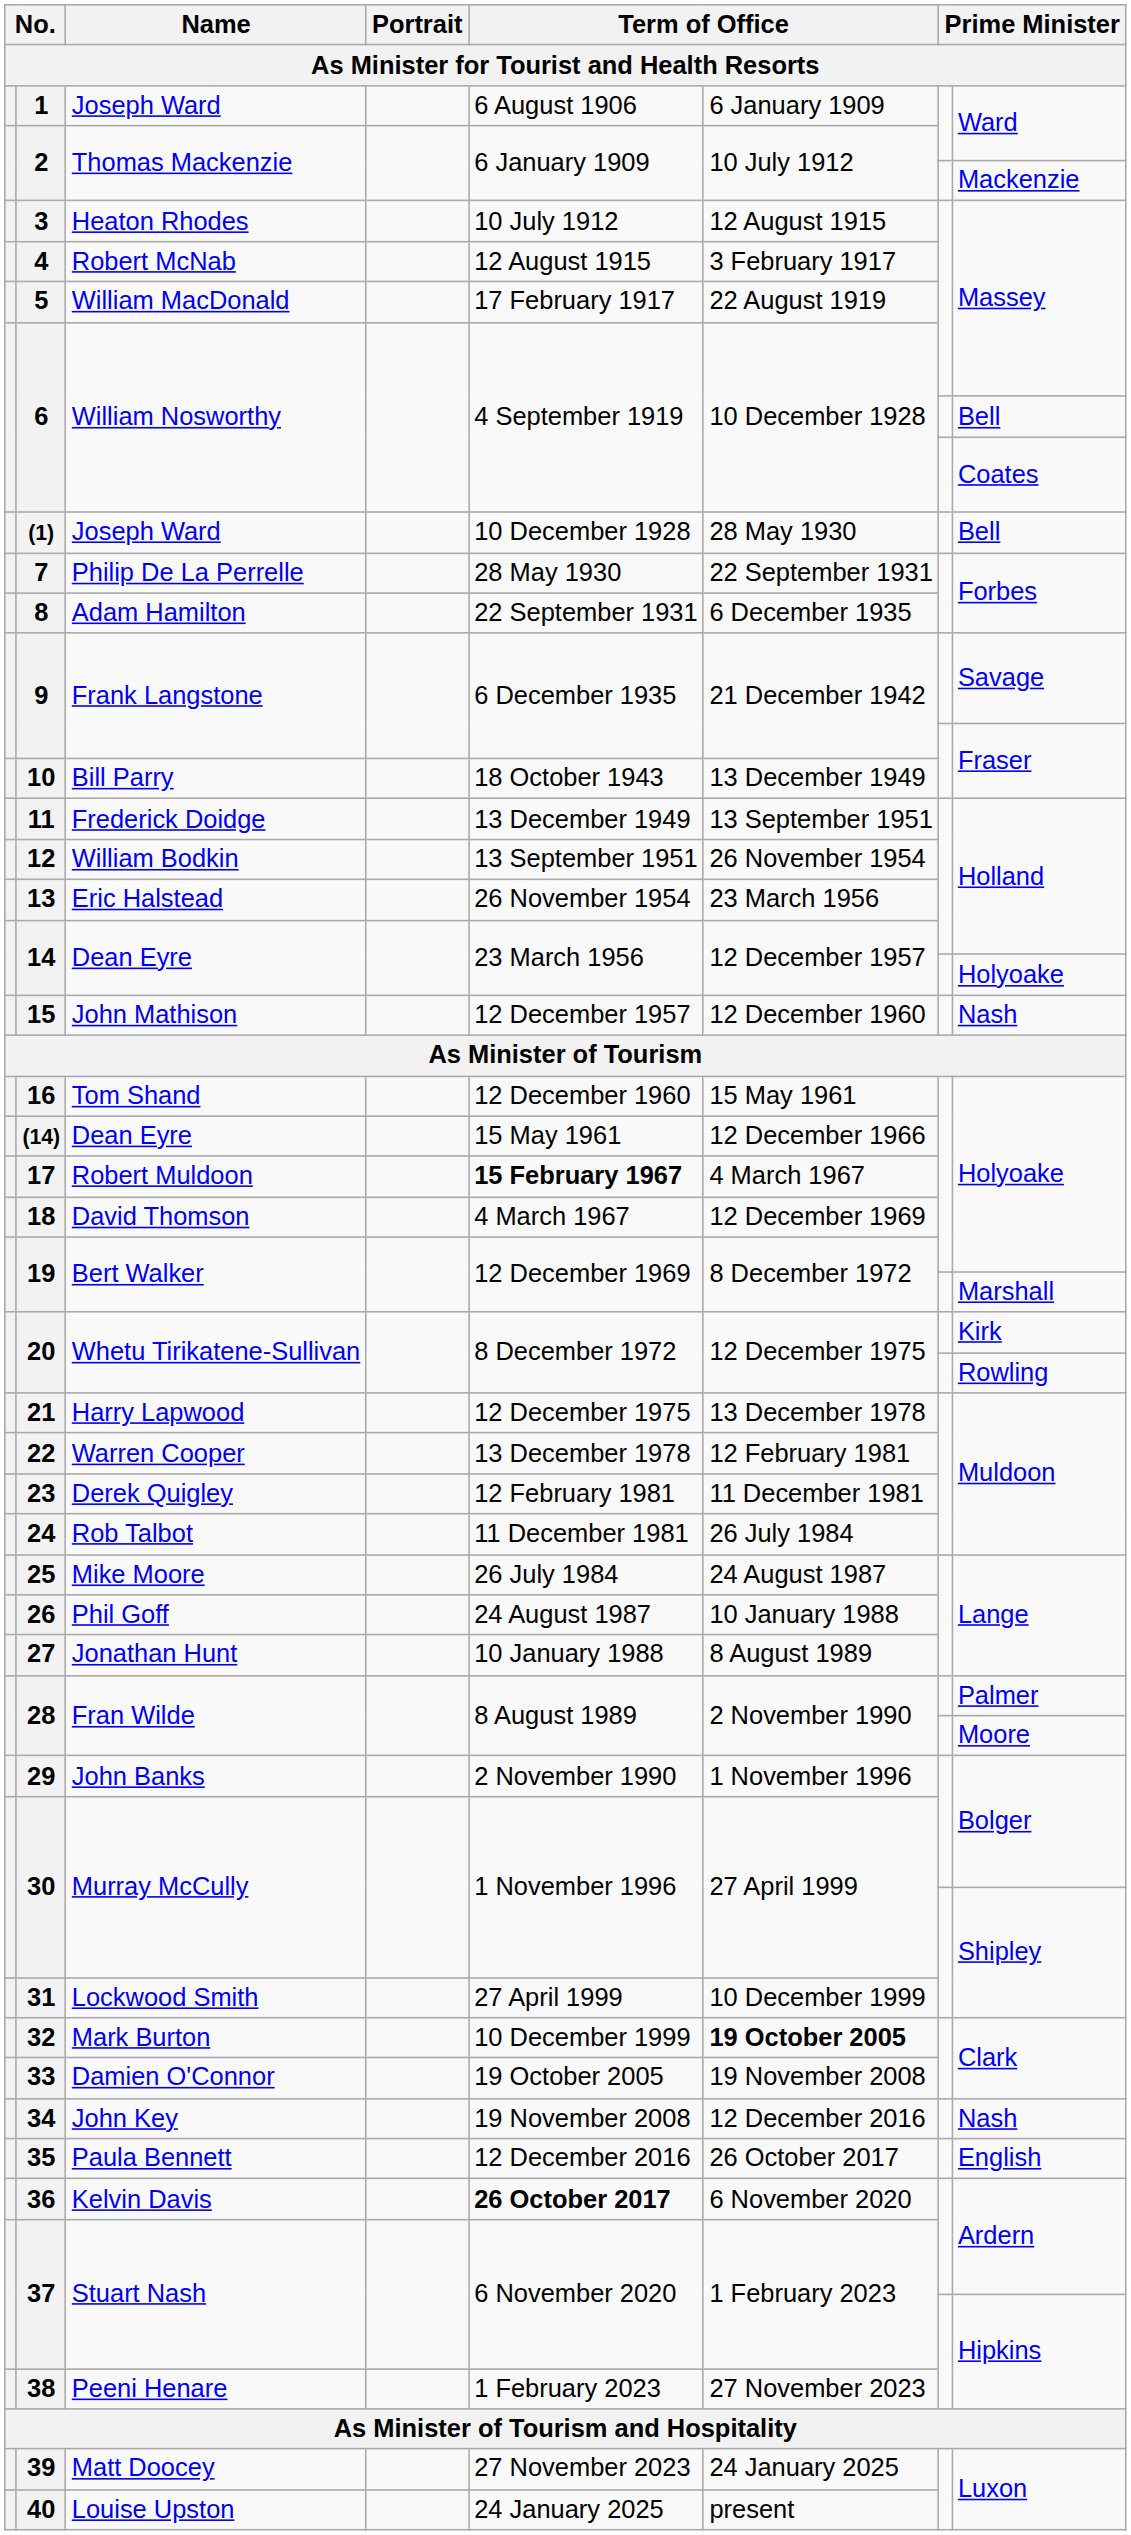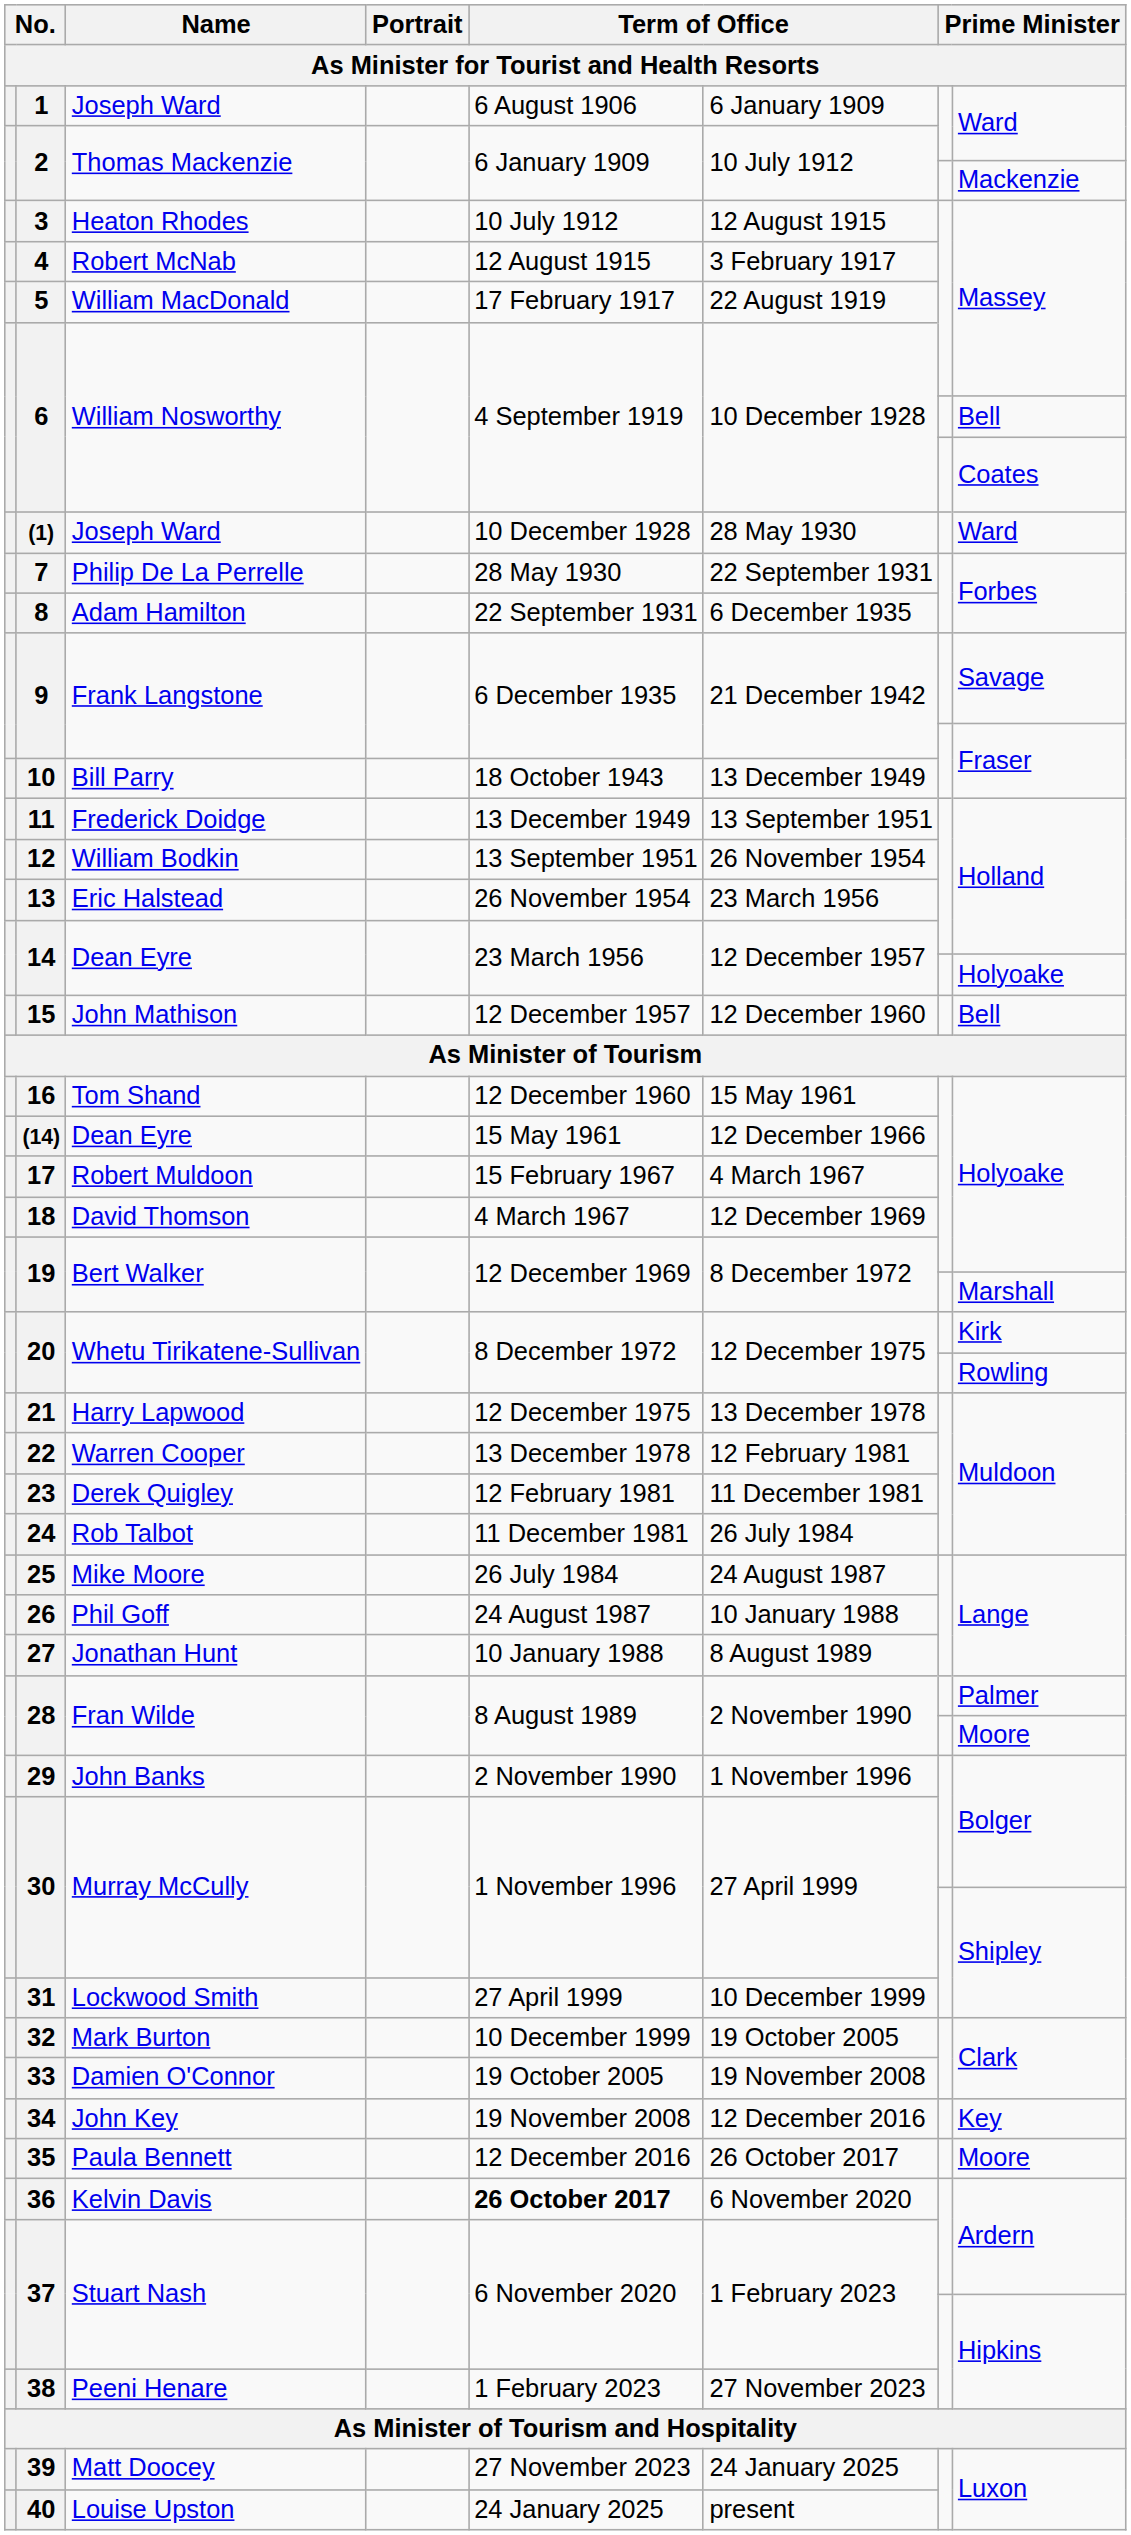 <table class="wikitable">
 <tr>
 <th colspan=2>No.</th>
 <th>Name</th>
 <th>Portrait</th>
 <th colspan=2>Term of Office</th>
 <th colspan=2>Prime Minister</th>
 </tr>
 <tr>
 <th colspan=8>As Minister for Tourist and Health Resorts</th>
 </tr>
 <tr>
 <th style="color:inherit;background:"></th>
 <th>1</th>
 <td><a href='#'>Joseph Ward</a></td>
 <td></td>
 <td>6 August 1906</td>
 <td>6 January 1909</td>
 <td height=15 style="border-bottom:solid 0 grey; background:"></td>
 <td rowspan=2><a href='#'>Ward</a></td>
 </tr>
 <tr>
 <th rowspan=2 style="color:inherit;background:"></th>
 <th rowspan="2">2</th>
 <td rowspan="2"><a href='#'>Thomas Mackenzie</a></td>
 <td rowspan="2"></td>
 <td rowspan="2">6 January 1909</td>
 <td rowspan="2">10 July 1912</td>
 <td height=15 style="border-top:solid 0 grey; background:"></td>
 </tr>
 <tr>
 <td height=15 style="color:inherit;background:"></td>
 <td><a href='#'>Mackenzie</a></td>
 </tr>
 <tr>
 <th style="color:inherit;background:"></th>
 <th>3</th>
 <td><a href='#'>Heaton Rhodes</a></td>
 <td></td>
 <td>10 July 1912</td>
 <td>12 August 1915</td>
 <td rowspan=3 style="border-bottom:solid 0 grey; background:"></td>
 <td rowspan=4><a href='#'>Massey</a></td>
 </tr>
 <tr>
 <th style="color:inherit;background:"></th>
 <th>4</th>
 <td><a href='#'>Robert McNab</a></td>
 <td></td>
 <td>12 August 1915</td>
 <td>3 February 1917</td>
 </tr>
 <tr>
 <th style="color:inherit;background:"></th>
 <th>5</th>
 <td><a href='#'>William MacDonald</a></td>
 <td></td>
 <td>17 February 1917</td>
 <td>22 August 1919</td>
 </tr>
 <tr>
 <th rowspan=3 style="color:inherit;background:"></th>
 <th rowspan=3>6</th>
 <td rowspan=3><a href='#'>William Nosworthy</a></td>
 <td rowspan=3></td>
 <td rowspan=3>4 September 1919</td>
 <td rowspan=3>10 December 1928</td>
 <td height=40 style="border-top:solid 0 grey; background:"></td>
 </tr>
 <tr>
 <td style="color:inherit;background:"></td>
 <td><a href='#'>Bell</a></td>
 </tr>
 <tr>
 <td height=40 style="border-bottom:solid 0 grey; background:"></td>
 <td><a href='#'>Coates</a></td>
 </tr>
 <tr>
 <th style="color:inherit;background:"></th>
 <th><small>(1)</small></th>
 <td><a href='#'>Joseph Ward</a></td>
 <td></td>
 <td>10 December 1928</td>
 <td>28 May 1930</td>
 <td style="color:inherit;background:"></td>
-<td><a href='#'>Bell</a></td>
+<td><a href='#'>Ward</a></td>
 </tr>
 <tr>
 <th style="color:inherit;background:"></th>
 <th>7</th>
 <td><a href='#'>Philip De La Perrelle</a></td>
 <td></td>
 <td>28 May 1930</td>
 <td>22 September 1931</td>
 <td rowspan=2 style="color:inherit;background:"></td>
 <td rowspan=2><a href='#'>Forbes</a></td>
 </tr>
 <tr>
 <th style="color:inherit;background:"></th>
 <th>8</th>
 <td><a href='#'>Adam Hamilton</a></td>
 <td></td>
 <td>22 September 1931</td>
 <td>6 December 1935</td>
 </tr>
 <tr>
 <th height="50" style="border-bottom:solid 0 grey; background:"></th>
 <th rowspan="2">9</th>
 <td rowspan="2"><a href='#'>Frank Langstone</a></td>
 <td rowspan="2"></td>
 <td rowspan="2">6 December 1935</td>
 <td rowspan="2">21 December 1942</td>
 <td width="1" style="color:inherit;background:"></td>
 <td><a href='#'>Savage</a></td>
 </tr>
 <tr>
 <th height=15 style="border-top:solid 0 grey; background:"></th>
 <td rowspan=2 style="border-bottom:solid 0 grey; background:"></td>
 <td rowspan=2><a href='#'>Fraser</a></td>
 </tr>
 <tr>
 <th style="color:inherit;background:"></th>
 <th>10</th>
 <td><a href='#'>Bill Parry</a></td>
 <td></td>
 <td>18 October 1943</td>
 <td>13 December 1949</td>
 </tr>
 <tr>
 <th style="color:inherit;background:"></th>
 <th>11</th>
 <td><a href='#'>Frederick Doidge</a></td>
 <td></td>
 <td>13 December 1949</td>
 <td>13 September 1951</td>
 <td rowspan=4 style="color:inherit;background:"></td>
 <td rowspan=4><a href='#'>Holland</a></td>
 </tr>
 <tr>
 <th style="color:inherit;background:"></th>
 <th>12</th>
 <td><a href='#'>William Bodkin</a></td>
 <td></td>
 <td>13 September 1951</td>
 <td>26 November 1954</td>
 </tr>
 <tr>
 <th style="color:inherit;background:"></th>
 <th>13</th>
 <td><a href='#'>Eric Halstead</a></td>
 <td></td>
 <td>26 November 1954</td>
 <td>23 March 1956</td>
 </tr>
 <tr>
 <th height=15 style="border-bottom:solid 0 grey; background:"></th>
 <th rowspan=2>14</th>
 <td rowspan=2><a href='#'>Dean Eyre</a></td>
 <td rowspan=2></td>
 <td rowspan=2>23 March 1956</td>
 <td rowspan=2>12 December 1957</td>
 </tr>
 <tr>
 <th height=15 style="border-top:solid 0 grey; background:"></th>
 <td style="color:inherit;background:"></td>
 <td><a href='#'>Holyoake</a></td>
 </tr>
 <tr>
 <th style="color:inherit;background:"></th>
 <th>15</th>
 <td><a href='#'>John Mathison</a></td>
 <td></td>
 <td>12 December 1957</td>
 <td>12 December 1960</td>
 <td style="color:inherit;background:"></td>
-<td><a href='#'>Nash</a></td>
+<td><a href='#'>Bell</a></td>
 </tr>
 <tr>
 <th colspan=8>As Minister of Tourism</th>
 </tr>
 <tr>
 <th style="color:inherit;background:"></th>
 <th>16</th>
 <td><a href='#'>Tom Shand</a></td>
 <td></td>
 <td>12 December 1960</td>
 <td>15 May 1961</td>
 <td width=1 rowspan=5 style="color:inherit;background:"></td>
 <td rowspan=5><a href='#'>Holyoake</a></td>
 </tr>
 <tr>
 <th style="color:inherit;background:"></th>
 <th><small>(14)</small></th>
 <td><a href='#'>Dean Eyre</a></td>
 <td></td>
 <td>15 May 1961</td>
 <td>12 December 1966</td>
 </tr>
 <tr>
 <th style="color:inherit;background:"></th>
 <th>17</th>
 <td><a href='#'>Robert Muldoon</a></td>
 <td></td>
-<td><strong>15 February 1967</strong></td>
+<td>15 February 1967</td>
 <td>4 March 1967</td>
 </tr>
 <tr>
 <th style="color:inherit;background:"></th>
 <th>18</th>
 <td><a href='#'>David Thomson</a></td>
 <td></td>
 <td>4 March 1967</td>
 <td>12 December 1969</td>
 </tr>
 <tr>
 <th height=15 style="border-bottom:solid 0 grey; background:"></th>
 <th rowspan=2>19</th>
 <td rowspan=2><a href='#'>Bert Walker</a></td>
 <td rowspan=2></td>
 <td rowspan=2>12 December 1969</td>
 <td rowspan=2>8 December 1972</td>
 </tr>
 <tr>
 <th height=15 style="border-top:solid 0 grey; background:"></th>
 <td style="color:inherit;background:"></td>
 <td><a href='#'>Marshall</a></td>
 </tr>
 <tr>
 <th rowspan=2 style="color:inherit;background:"></th>
 <th rowspan=2>20</th>
 <td rowspan=2><a href='#'>Whetu Tirikatene-Sullivan</a></td>
 <td rowspan=2></td>
 <td rowspan=2>8 December 1972</td>
 <td rowspan=2>12 December 1975</td>
 <td style="color:inherit;background:"></td>
 <td><a href='#'>Kirk</a></td>
 </tr>
 <tr>
 <td style="color:inherit;background:"></td>
 <td><a href='#'>Rowling</a></td>
 </tr>
 <tr>
 <th style="color:inherit;background:"></th>
 <th>21</th>
 <td><a href='#'>Harry Lapwood</a></td>
 <td></td>
 <td>12 December 1975</td>
 <td>13 December 1978</td>
 <td rowspan=4 style="color:inherit;background:"></td>
 <td rowspan=4><a href='#'>Muldoon</a></td>
 </tr>
 <tr>
 <th style="color:inherit;background:"></th>
 <th>22</th>
 <td><a href='#'>Warren Cooper</a></td>
 <td></td>
 <td>13 December 1978</td>
 <td>12 February 1981</td>
 </tr>
 <tr>
 <th style="color:inherit;background:"></th>
 <th>23</th>
 <td><a href='#'>Derek Quigley</a></td>
 <td></td>
 <td>12 February 1981</td>
 <td>11 December 1981</td>
 </tr>
 <tr>
 <th style="color:inherit;background:"></th>
 <th>24</th>
 <td><a href='#'>Rob Talbot</a></td>
 <td></td>
 <td>11 December 1981</td>
 <td>26 July 1984</td>
 </tr>
 <tr>
 <th style="color:inherit;background:"></th>
 <th>25</th>
 <td><a href='#'>Mike Moore</a></td>
 <td></td>
 <td>26 July 1984</td>
 <td>24 August 1987</td>
 <td rowspan=3 style="border-bottom:solid 0 grey; background:"></td>
 <td rowspan=3><a href='#'>Lange</a></td>
 </tr>
 <tr>
 <th style="color:inherit;background:"></th>
 <th>26</th>
 <td><a href='#'>Phil Goff</a></td>
 <td></td>
 <td>24 August 1987</td>
 <td>10 January 1988</td>
 </tr>
 <tr>
 <th style="color:inherit;background:"></th>
 <th>27</th>
 <td><a href='#'>Jonathan Hunt</a></td>
 <td></td>
 <td>10 January 1988</td>
 <td>8 August 1989</td>
 </tr>
 <tr>
 <th rowspan=2 style="color:inherit;background:"></th>
 <th rowspan=2>28</th>
 <td rowspan=2><a href='#'>Fran Wilde</a></td>
 <td rowspan=2></td>
 <td rowspan=2>8 August 1989</td>
 <td rowspan=2>2 November 1990</td>
 <td style="color:inherit;background:"></td>
 <td><a href='#'>Palmer</a></td>
 </tr>
 <tr>
 <td style="color:inherit;background:"></td>
 <td><a href='#'>Moore</a></td>
 </tr>
 <tr>
 <th style="color:inherit;background:"></th>
 <th>29</th>
 <td><a href='#'>John Banks</a></td>
 <td></td>
 <td>2 November 1990</td>
 <td>1 November 1996</td>
 <td rowspan=2 style="color:inherit;background:"></td>
 <td rowspan=2><a href='#'>Bolger</a></td>
 </tr>
 <tr>
 <th height=50 style="border-bottom:solid 0 grey; background:"></th>
 <th rowspan=2>30</th>
 <td rowspan=2><a href='#'>Murray McCully</a></td>
 <td rowspan=2></td>
 <td rowspan=2>1 November 1996</td>
 <td rowspan=2>27 April 1999</td>
 </tr>
 <tr>
 <th height=50 style="border-top:solid 0 grey; background:"></th>
 <td rowspan=2 style="color:inherit;background:"></td>
 <td rowspan=2><a href='#'>Shipley</a></td>
 </tr>
 <tr>
 <th style="color:inherit;background:"></th>
 <th>31</th>
 <td><a href='#'>Lockwood Smith</a></td>
 <td></td>
 <td>27 April 1999</td>
 <td>10 December 1999</td>
 </tr>
 <tr>
 <th style="color:inherit;background:"></th>
 <th>32</th>
 <td><a href='#'>Mark Burton</a></td>
 <td></td>
 <td>10 December 1999</td>
-<td><strong>19 October 2005</strong></td>
+<td>19 October 2005</td>
 <td rowspan=2 style="color:inherit;background:"></td>
 <td rowspan=2><a href='#'>Clark</a></td>
 </tr>
 <tr>
 <th style="color:inherit;background:"></th>
 <th>33</th>
 <td><a href='#'>Damien O'Connor</a></td>
 <td></td>
 <td>19 October 2005</td>
 <td>19 November 2008</td>
 </tr>
 <tr>
 <th style="color:inherit;background:"></th>
 <th>34</th>
 <td><a href='#'>John Key</a></td>
 <td></td>
 <td>19 November 2008</td>
 <td>12 December 2016</td>
 <td style="color:inherit;background:"></td>
-<td><a href='#'>Nash</a></td>
+<td><a href='#'>Key</a></td>
 </tr>
 <tr>
 <th style="color:inherit;background:"></th>
 <th>35</th>
 <td><a href='#'>Paula Bennett</a></td>
 <td></td>
 <td>12 December 2016</td>
 <td>26 October 2017</td>
 <td style="color:inherit;background:"></td>
-<td><a href='#'>English</a></td>
+<td><a href='#'>Moore</a></td>
 </tr>
 <tr>
 <th style="color:inherit;background:"></th>
 <th>36</th>
 <td><a href='#'>Kelvin Davis</a></td>
 <td></td>
 <td><strong>26 October 2017</strong></td>
 <td>6 November 2020</td>
 <td rowspan=2 style="color:inherit;background:"></td>
 <td rowspan=2><a href='#'>Ardern</a></td>
 </tr>
 <tr>
 <th height=40 style="border-bottom:solid 0 grey; background:"></th>
 <th rowspan=2>37</th>
 <td rowspan=2><a href='#'>Stuart Nash</a></td>
 <td rowspan=2></td>
 <td rowspan=2>6 November 2020</td>
 <td rowspan=2>1 February 2023</td>
 </tr>
 <tr>
 <th height=40 style="border-top:solid 0 grey; background:"></th>
 <td rowspan=2 style="color:inherit;background:"></td>
 <td rowspan=2><a href='#'>Hipkins</a></td>
 </tr>
 <tr>
 <th style="color:inherit;background:"></th>
 <th>38</th>
 <td><a href='#'>Peeni Henare</a></td>
 <td></td>
 <td>1 February 2023</td>
 <td>27 November 2023</td>
 </tr>
 <tr>
 <th colspan=8>As Minister of Tourism and Hospitality</th>
 </tr>
 <tr>
 <th style="color:inherit;background:"></th>
 <th>39</th>
 <td><a href='#'>Matt Doocey</a></td>
 <td></td>
 <td>27 November 2023</td>
 <td>24 January 2025</td>
 <td rowspan=2 style="color:inherit;background:"></td>
 <td rowspan="2"><a href='#'>Luxon</a></td>
 </tr>
 <tr>
 <th style="color:inherit;background:"></th>
 <th>40</th>
 <td><a href='#'>Louise Upston</a></td>
 <td></td>
 <td>24 January 2025</td>
 <td>present</td>
 </tr>
 </table>
